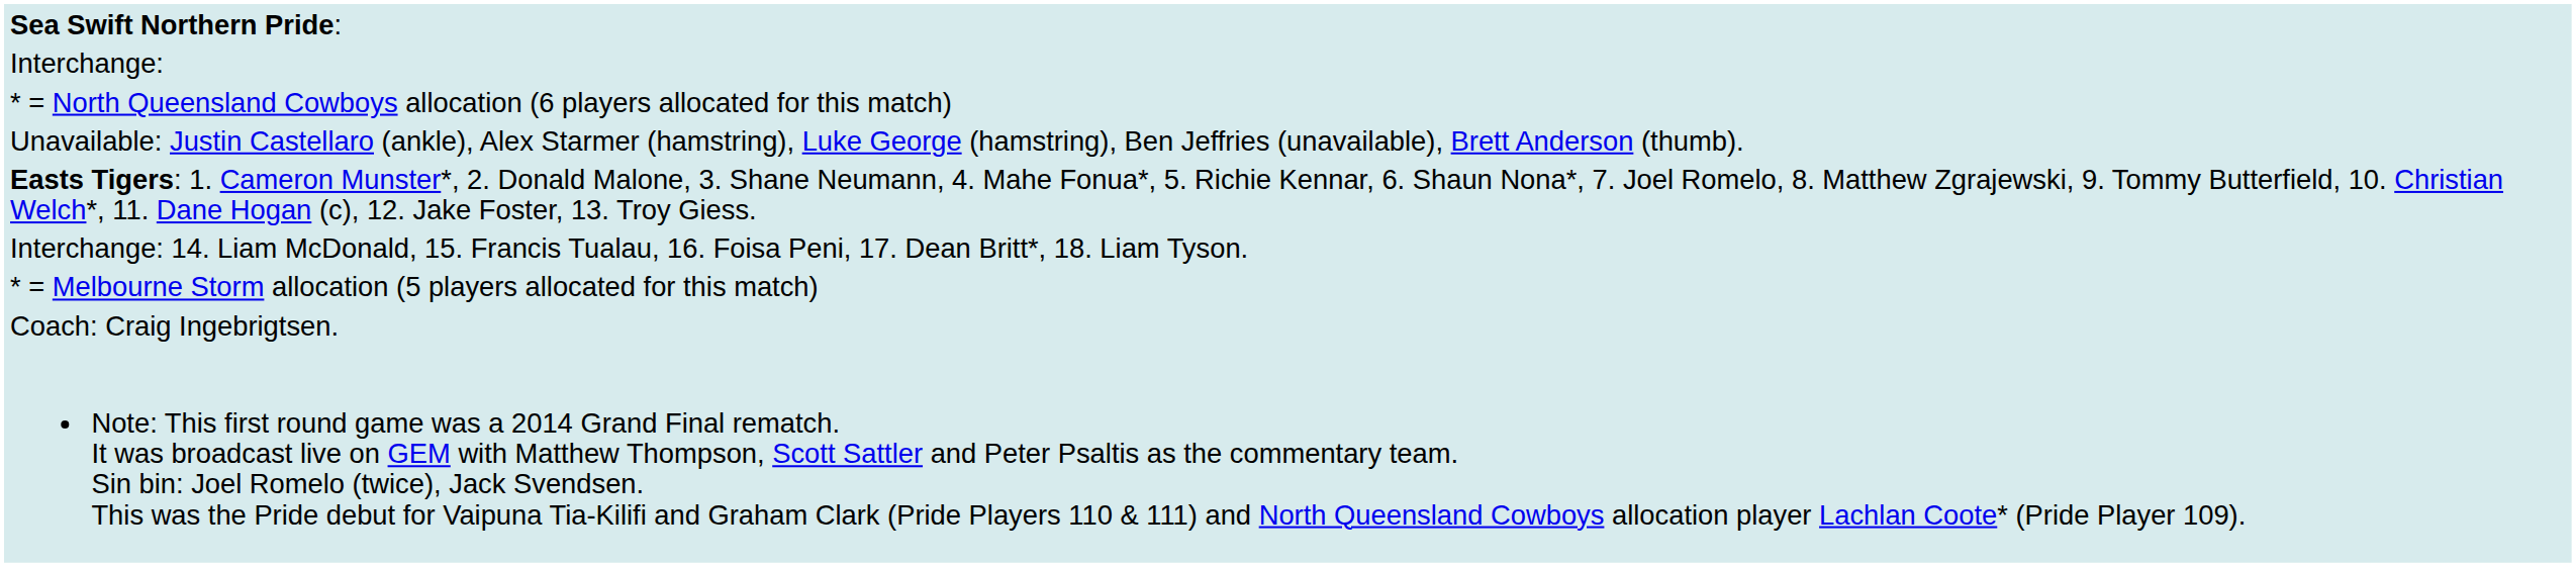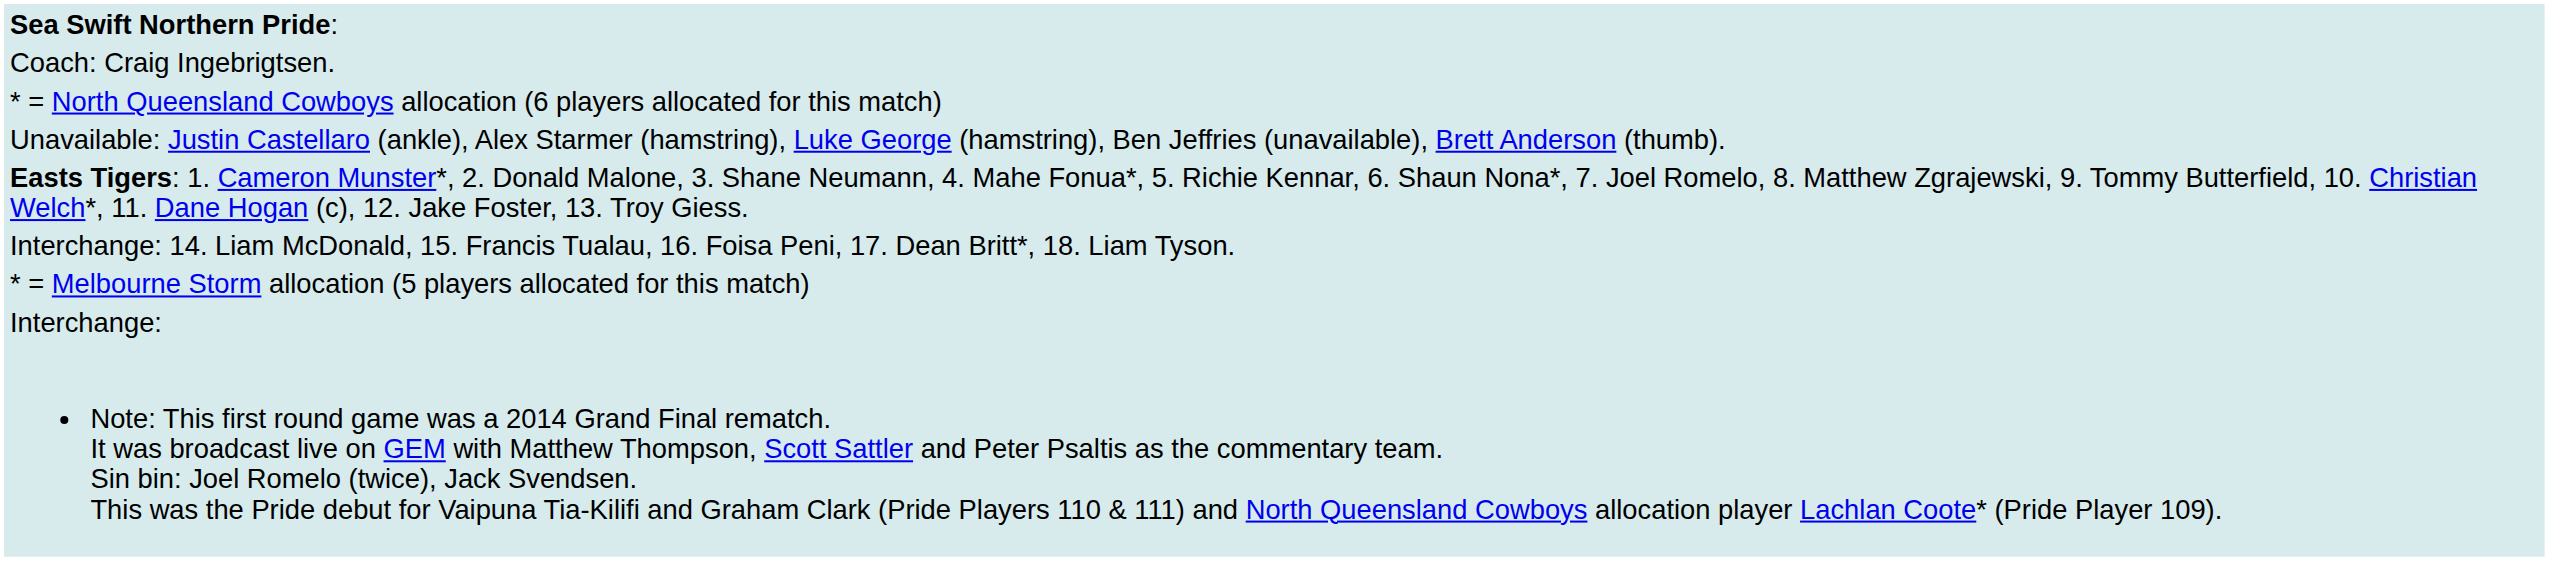 <table style="background:#d7ebed; font-size:85%; width:100%;">
 <tr>
 <td><strong>Sea Swift Northern Pride</strong>:             </td>
 </tr>
 <tr>
-<td>Interchange:    </td>
+<td>Coach: Craig Ingebrigtsen.</td>
 </tr>
 <tr>
 <td>* = <a href='#'>North Queensland Cowboys</a> allocation (6 players allocated for this match)</td>
 </tr>
 <tr>
 <td>Unavailable: <a href='#'>Justin Castellaro</a> (ankle), Alex Starmer (hamstring), <a href='#'>Luke George</a> (hamstring), Ben Jeffries (unavailable), <a href='#'>Brett Anderson</a> (thumb).</td>
 </tr>
 <tr>
 <td><strong>Easts Tigers</strong>: 1. <a href='#'>Cameron Munster</a>*, 2. Donald Malone, 3. Shane Neumann, 4. Mahe Fonua*, 5. Richie Kennar, 6. Shaun Nona*, 7. Joel Romelo, 8. Matthew Zgrajewski, 9. Tommy Butterfield, 10. <a href='#'>Christian Welch</a>*, 11. <a href='#'>Dane Hogan</a> (c), 12. Jake Foster, 13. Troy Giess.</td>
 </tr>
 <tr>
 <td>Interchange: 14. Liam McDonald, 15. Francis Tualau, 16. Foisa Peni, 17. Dean Britt*, 18. Liam Tyson.</td>
 </tr>
 <tr>
 <td>* = <a href='#'>Melbourne Storm</a> allocation (5 players allocated for this match)</td>
 </tr>
 <tr>
-<td>Coach: Craig Ingebrigtsen.</td>
+<td>Interchange:    </td>
 </tr>
 <tr>
 <td><br><ul><li>Note: This first round game was a 2014 Grand Final rematch.<br>It was broadcast live on <a href='#'>GEM</a> with Matthew Thompson, <a href='#'>Scott Sattler</a> and Peter Psaltis as the commentary team.<br>Sin bin: Joel Romelo (twice), Jack Svendsen.<br>This was the Pride debut for Vaipuna Tia-Kilifi and Graham Clark (Pride Players 110 & 111) and <a href='#'>North Queensland Cowboys</a> allocation player <a href='#'>Lachlan Coote</a>* (Pride Player 109).</li></ul></td>
 </tr>
 </table>
